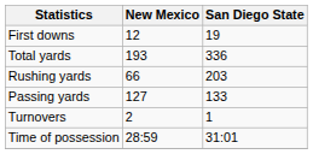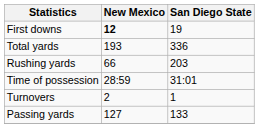 <table class="wikitable">
 <tr>
 <th>Statistics</th>
 <th>New Mexico</th>
 <th>San Diego State</th>
 </tr>
 <tr>
 <td>First downs</td>
-<td>12</td>
+<td><strong>12</strong></td>
 <td>19</td>
 </tr>
 <tr>
 <td>Total yards</td>
 <td>193</td>
 <td>336</td>
 </tr>
 <tr>
 <td>Rushing yards</td>
 <td>66</td>
 <td>203</td>
 </tr>
 <tr>
-<td>Passing yards</td>
-<td>127</td>
-<td>133</td>
+<td>Time of possession</td>
+<td>28:59</td>
+<td>31:01</td>
 </tr>
 <tr>
 <td>Turnovers</td>
 <td>2</td>
 <td>1</td>
 </tr>
 <tr>
-<td>Time of possession</td>
-<td>28:59</td>
-<td>31:01</td>
+<td>Passing yards</td>
+<td>127</td>
+<td>133</td>
 </tr>
 <tr>
 </tr>
 </table>
